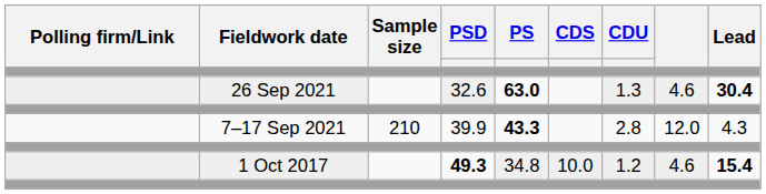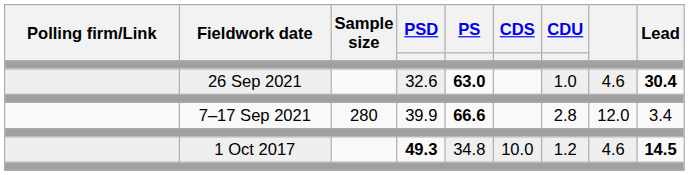 <table class="wikitable sortable mw-datatable" style="text-align:center;font-size:90%;line-height:16px;">
 <tr style="height:42px;">
 <th style="width:145px;" rowspan="2">Polling firm/Link</th>
 <th style="width:125px;" rowspan="2">Fieldwork date</th>
 <th class="unsortable" style="width:50px;" rowspan="2">Sample size</th>
 <th class="unsortable" style="width:35px;"><a href='#'>PSD</a></th>
 <th class="unsortable" style="width:35px;"><a href='#'>PS</a></th>
 <th class="unsortable" style="width:35px;"><a href='#'>CDS</a></th>
 <th class="unsortable" style="width:35px;"><a href='#'>CDU</a></th>
 <th class="unsortable" style="width:35px;" rowspan="2"></th>
 <th class="unsortable" style="width:30px;" rowspan="2">Lead</th>
 </tr>
 <tr>
 <th class="unsortable" style="color:inherit;background:"></th>
 <th class="unsortable" style="color:inherit;background:"></th>
 <th class="unsortable" style="color:inherit;background:"></th>
 <th class="unsortable" style="color:inherit;background:"></th>
 </tr>
 <tr>
 <td colspan="9" style="background:#A0A0A0"></td>
 </tr>
 <tr>
 <td style="background:#EFEFEF;"><strong></strong></td>
 <td style="background:#EFEFEF;" data-sort-value="2019-10-06">26 Sep 2021</td>
 <td></td>
 <td style="background:#EFEFEF;">32.6<br></td>
 <td><strong>63.0</strong><br></td>
 <td></td>
-<td style="background:#EFEFEF;">1.3<br></td>
+<td style="background:#EFEFEF;">1.0<br></td>
 <td style="background:#EFEFEF;">4.6</td>
 <td style="background:"><strong>30.4</strong></td>
 </tr>
 <tr>
 <td colspan="9" style="background:#A0A0A0"></td>
 </tr>
 <tr>
 <td align="center"></td>
 <td align="center">7–17 Sep 2021</td>
-<td>210</td>
+<td>280</td>
 <td align="center">39.9</td>
-<td align="center" ><strong>43.3</strong></td>
+<td align="center" ><strong>66.6</strong></td>
 <td></td>
 <td align="center">2.8</td>
 <td align="center">12.0</td>
-<td style="background:">4.3</td>
+<td style="background:">3.4</td>
 </tr>
 <tr>
 <td colspan="9" style="background:#A0A0A0"></td>
 </tr>
 <tr>
 <td style="background:#EFEFEF;"><strong></strong></td>
 <td style="background:#EFEFEF;" data-sort-value="2019-10-06">1 Oct 2017</td>
 <td></td>
 <td><strong>49.3</strong><br></td>
 <td style="background:#EFEFEF;">34.8<br></td>
 <td style="background:#EFEFEF;">10.0<br></td>
 <td style="background:#EFEFEF;">1.2<br></td>
 <td style="background:#EFEFEF;">4.6</td>
-<td style="background:"><strong>15.4</strong></td>
+<td style="background:"><strong>14.5</strong></td>
 </tr>
 <tr>
 <td colspan="9" style="background:#A0A0A0"></td>
 </tr>
 </table>
